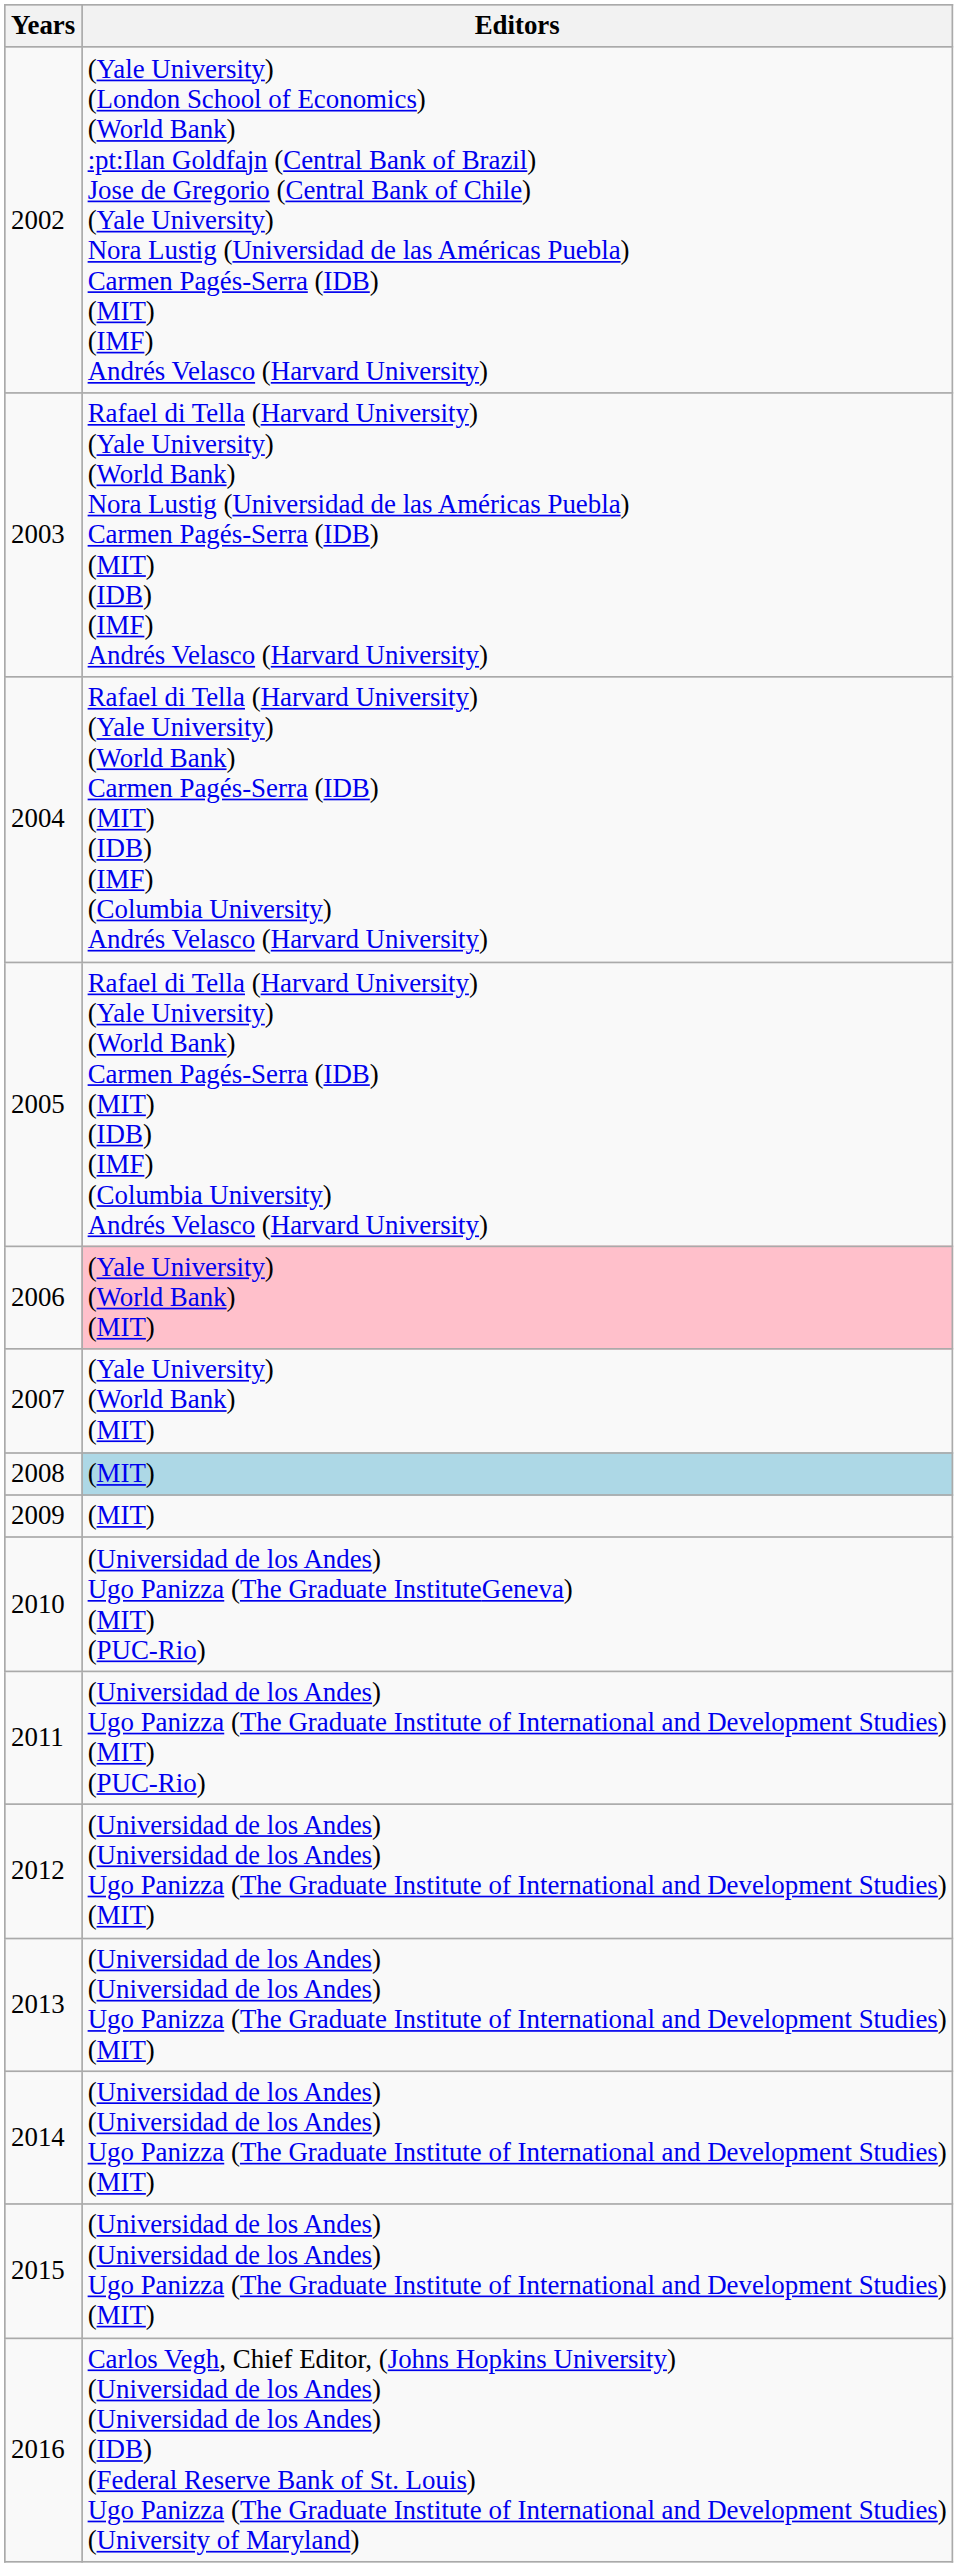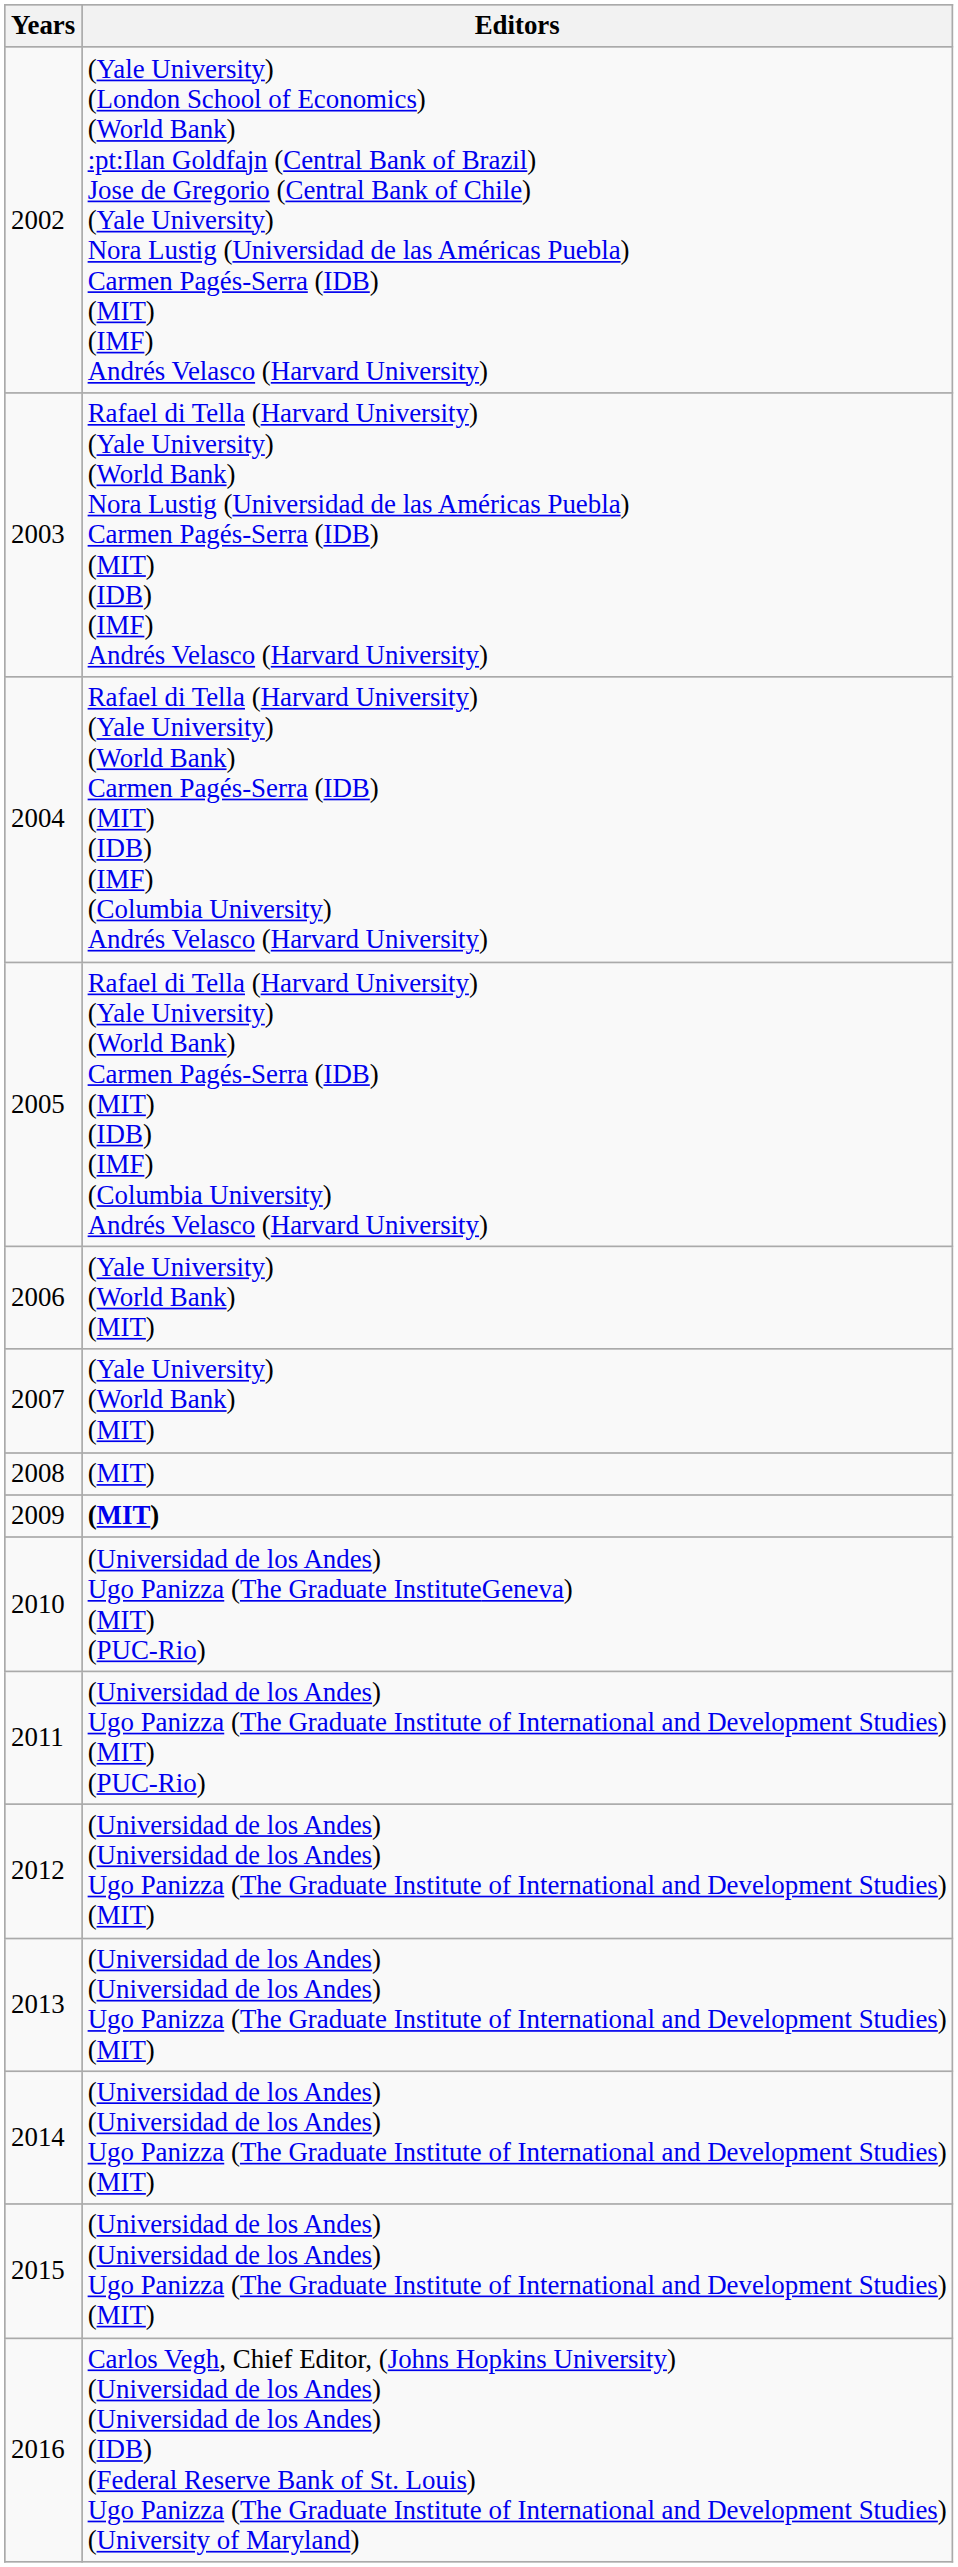 <table class="wikitable">
 <tr>
 <th>Years</th>
 <th>Editors</th>
 </tr>
 <tr>
 <td>2002</td>
 <td> (<a href='#'>Yale University</a>)<br> (<a href='#'>London School of Economics</a>)<br> (<a href='#'>World Bank</a>)<br><a href='#'>:pt:Ilan Goldfajn</a> (<a href='#'>Central Bank of Brazil</a>)<br><a href='#'>Jose de Gregorio</a> (<a href='#'>Central Bank of Chile</a>)<br> (<a href='#'>Yale University</a>)<br><a href='#'>Nora Lustig</a> (<a href='#'>Universidad de las Américas Puebla</a>)<br><a href='#'>Carmen Pagés-Serra</a> (<a href='#'>IDB</a>)<br> (<a href='#'>MIT</a>)<br> (<a href='#'>IMF</a>)<br><a href='#'>Andrés Velasco</a> (<a href='#'>Harvard University</a>)</td>
 </tr>
 <tr>
 <td>2003</td>
 <td><a href='#'>Rafael di Tella</a> (<a href='#'>Harvard University</a>)<br> (<a href='#'>Yale University</a>)<br> (<a href='#'>World Bank</a>)<br><a href='#'>Nora Lustig</a> (<a href='#'>Universidad de las Américas Puebla</a>)<br><a href='#'>Carmen Pagés-Serra</a> (<a href='#'>IDB</a>)<br> (<a href='#'>MIT</a>)<br> (<a href='#'>IDB</a>)<br> (<a href='#'>IMF</a>)<br><a href='#'>Andrés Velasco</a> (<a href='#'>Harvard University</a>)</td>
 </tr>
 <tr>
 <td>2004</td>
 <td><a href='#'>Rafael di Tella</a> (<a href='#'>Harvard University</a>)<br> (<a href='#'>Yale University</a>)<br> (<a href='#'>World Bank</a>)<br><a href='#'>Carmen Pagés-Serra</a> (<a href='#'>IDB</a>)<br> (<a href='#'>MIT</a>)<br> (<a href='#'>IDB</a>)<br> (<a href='#'>IMF</a>)<br> (<a href='#'>Columbia University</a>)<br><a href='#'>Andrés Velasco</a> (<a href='#'>Harvard University</a>)</td>
 </tr>
 <tr>
 <td>2005</td>
 <td><a href='#'>Rafael di Tella</a> (<a href='#'>Harvard University</a>)<br> (<a href='#'>Yale University</a>)<br> (<a href='#'>World Bank</a>)<br><a href='#'>Carmen Pagés-Serra</a> (<a href='#'>IDB</a>)<br> (<a href='#'>MIT</a>)<br> (<a href='#'>IDB</a>)<br> (<a href='#'>IMF</a>)<br> (<a href='#'>Columbia University</a>)<br><a href='#'>Andrés Velasco</a> (<a href='#'>Harvard University</a>)</td>
 </tr>
 <tr>
 <td>2006</td>
-<td style="background: pink;"> (<a href='#'>Yale University</a>)<br> (<a href='#'>World Bank</a>)<br> (<a href='#'>MIT</a>)</td>
+<td> (<a href='#'>Yale University</a>)<br> (<a href='#'>World Bank</a>)<br> (<a href='#'>MIT</a>)</td>
 </tr>
 <tr>
 <td>2007</td>
 <td> (<a href='#'>Yale University</a>)<br> (<a href='#'>World Bank</a>)<br> (<a href='#'>MIT</a>)</td>
 </tr>
 <tr>
 <td>2008</td>
-<td style="background: lightblue;"> (<a href='#'>MIT</a>)</td>
+<td> (<a href='#'>MIT</a>)</td>
 </tr>
 <tr>
 <td>2009</td>
-<td> (<a href='#'>MIT</a>)</td>
+<td><strong> (<a href='#'>MIT</a>)</strong></td>
 </tr>
 <tr>
 <td>2010</td>
 <td> (<a href='#'>Universidad de los Andes</a>)<br><a href='#'>Ugo Panizza</a> (<a href='#'>The Graduate Institute</a><a href='#'>Geneva</a>)<br> (<a href='#'>MIT</a>)<br> (<a href='#'>PUC-Rio</a>)</td>
 </tr>
 <tr>
 <td>2011</td>
 <td> (<a href='#'>Universidad de los Andes</a>)<br><a href='#'>Ugo Panizza</a> (<a href='#'>The Graduate Institute of International and Development Studies</a>)<br> (<a href='#'>MIT</a>)<br> (<a href='#'>PUC-Rio</a>)</td>
 </tr>
 <tr>
 <td>2012</td>
 <td> (<a href='#'>Universidad de los Andes</a>)<br> (<a href='#'>Universidad de los Andes</a>)<br><a href='#'>Ugo Panizza</a> (<a href='#'>The Graduate Institute of International and Development Studies</a>)<br> (<a href='#'>MIT</a>)</td>
 </tr>
 <tr>
 <td>2013</td>
 <td> (<a href='#'>Universidad de los Andes</a>)<br> (<a href='#'>Universidad de los Andes</a>)<br><a href='#'>Ugo Panizza</a> (<a href='#'>The Graduate Institute of International and Development Studies</a>)<br> (<a href='#'>MIT</a>)</td>
 </tr>
 <tr>
 <td>2014</td>
 <td> (<a href='#'>Universidad de los Andes</a>)<br> (<a href='#'>Universidad de los Andes</a>)<br><a href='#'>Ugo Panizza</a> (<a href='#'>The Graduate Institute of International and Development Studies</a>)<br> (<a href='#'>MIT</a>)</td>
 </tr>
 <tr>
 <td>2015</td>
 <td> (<a href='#'>Universidad de los Andes</a>)<br> (<a href='#'>Universidad de los Andes</a>)<br><a href='#'>Ugo Panizza</a> (<a href='#'>The Graduate Institute of International and Development Studies</a>)<br> (<a href='#'>MIT</a>)</td>
 </tr>
 <tr>
 <td>2016</td>
 <td><a href='#'>Carlos Vegh</a>, Chief Editor, (<a href='#'>Johns Hopkins University</a>)<br> (<a href='#'>Universidad de los Andes</a>)<br> (<a href='#'>Universidad de los Andes</a>)<br> (<a href='#'>IDB</a>)<br> (<a href='#'>Federal Reserve Bank of St. Louis</a>)<br><a href='#'>Ugo Panizza</a> (<a href='#'>The Graduate Institute of International and Development Studies</a>)<br> (<a href='#'>University of Maryland</a>)</td>
 </tr>
 </table>
